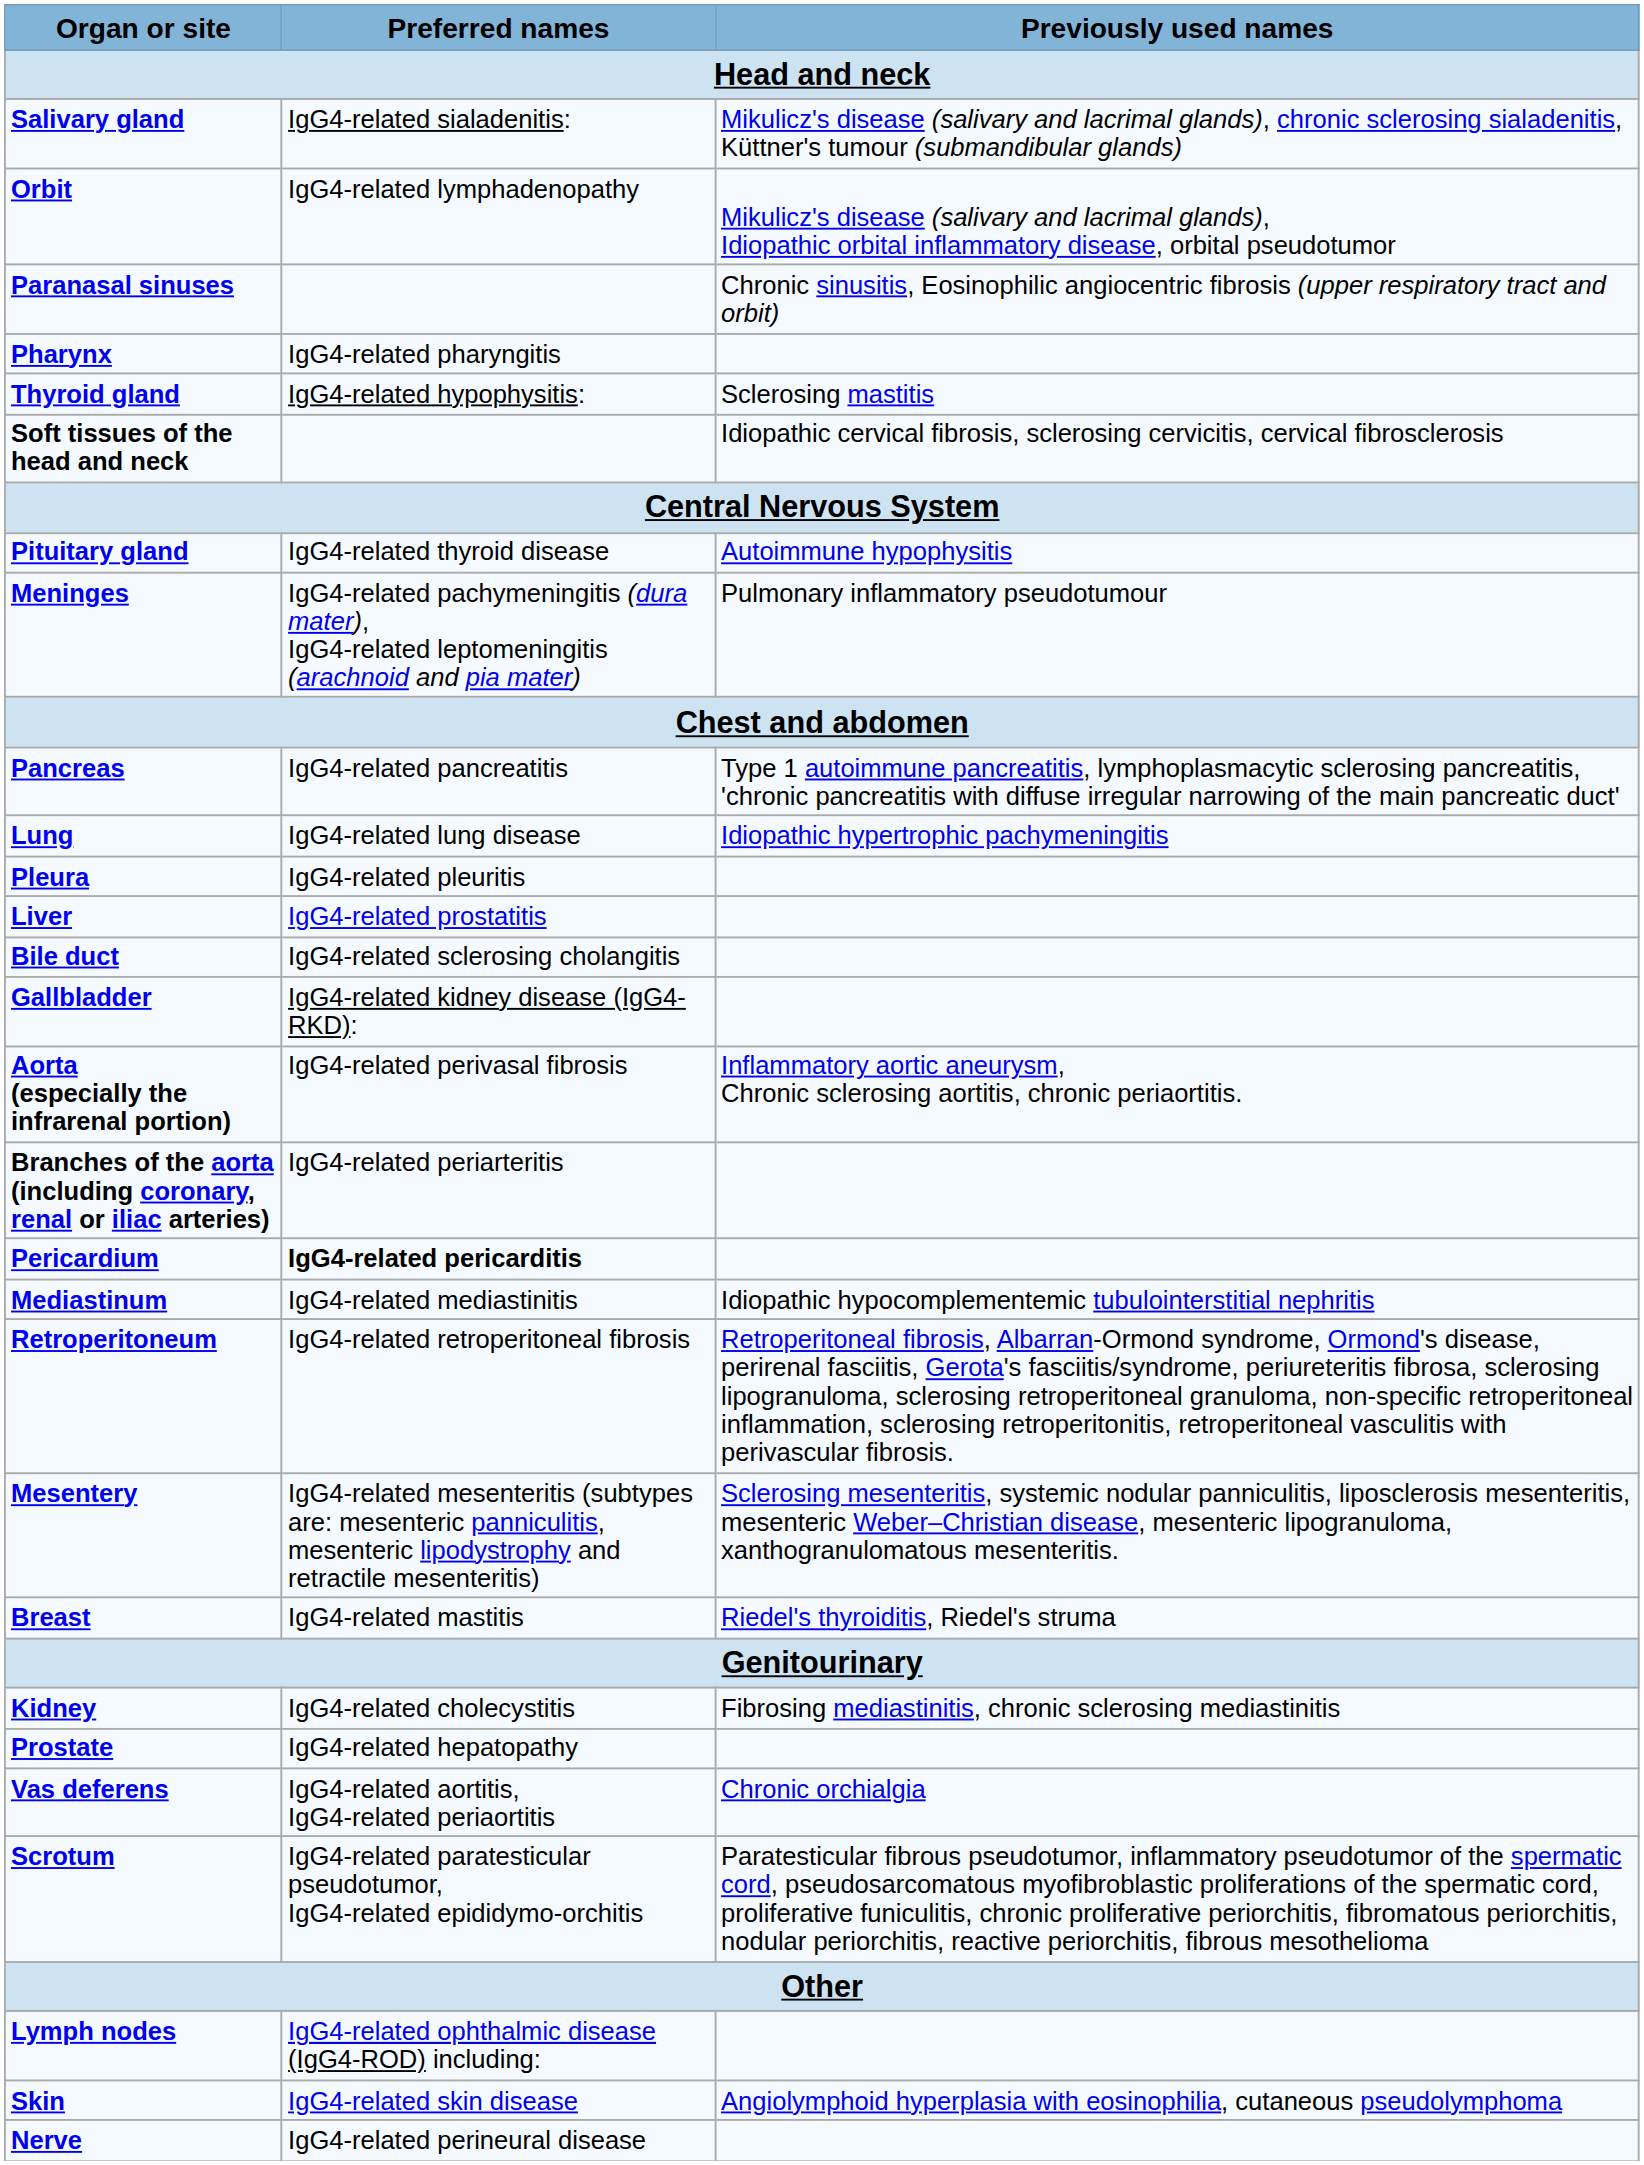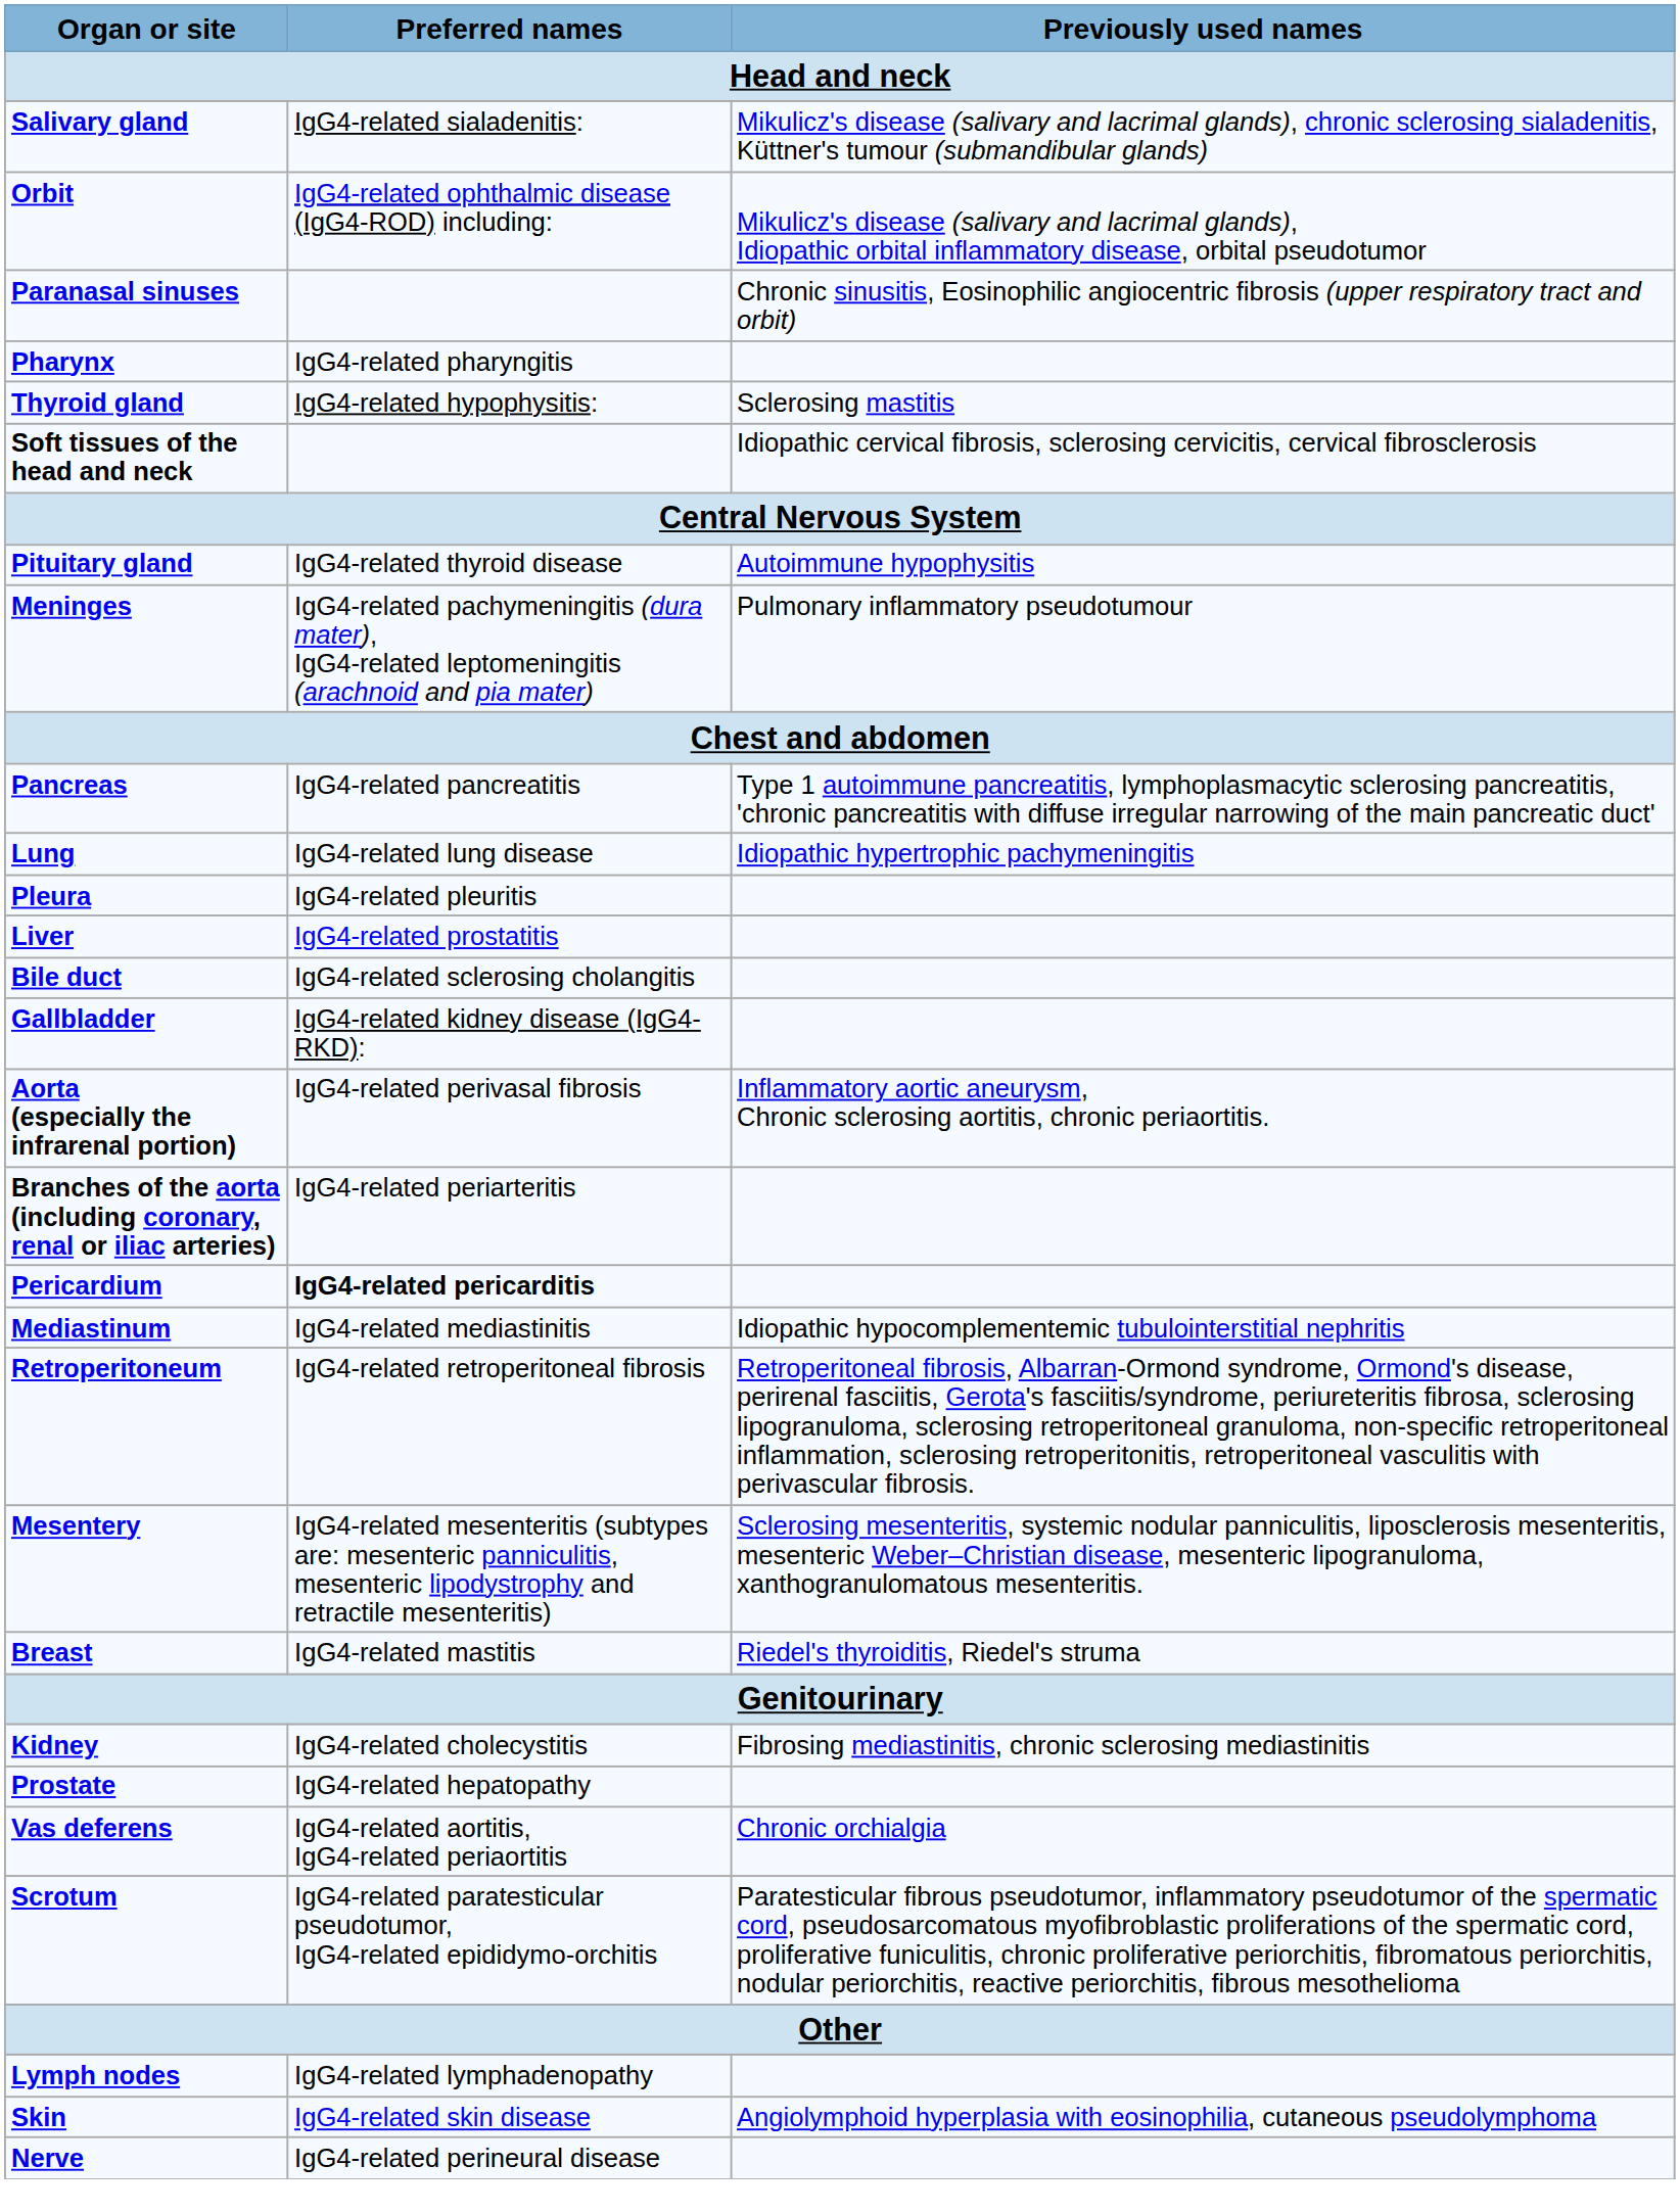 <table class="wikitable collapsible" style="text-align: left; font-size:85%; background:#F4FAFF; padding: 2px;">
 <tr>
 <th style="font-size: 110%; background: #82B4D8; border-color: #729FBF;">Organ or site</th>
 <th style="font-size: 110%; background: #82B4D8; border-color: #729FBF;">Preferred names</th>
 <th style="font-size: 110%; background: #82B4D8; border-color: #729FBF;">Previously used names<br></th>
 </tr>
 <tr>
 <th style="font-size: 120%; text-decoration: underline; background:#CDE3F2;" colspan="3">Head and neck</th>
 </tr>
 <tr valign="top">
 <td style="font-weight: bold;"><a href='#'>Salivary gland</a></td>
 <td><u>IgG4-related sialadenitis</u>:<br></td>
 <td><a href='#'>Mikulicz's disease</a> <em>(salivary and lacrimal glands)</em>, <a href='#'>chronic sclerosing sialadenitis</a>, <br>Küttner's tumour <em>(submandibular glands)</em></td>
 </tr>
 <tr valign="top" border="0">
 <td style="font-weight: bold;"><a href='#'>Orbit</a></td>
-<td>IgG4-related lymphadenopathy</td>
+<td><u><a href='#'>IgG4-related ophthalmic disease</a> (IgG4-ROD)</u> including:<br></td>
 <td><br><a href='#'>Mikulicz's disease</a> <em>(salivary and lacrimal glands)</em>, <br><a href='#'>Idiopathic orbital inflammatory disease</a>, orbital pseudotumor</td>
 </tr>
 <tr valign="top">
 <td style="font-weight: bold;"><a href='#'>Paranasal sinuses</a></td>
 <td> </td>
 <td>Chronic <a href='#'>sinusitis</a>, Eosinophilic angiocentric fibrosis <em>(upper respiratory tract and orbit)</em></td>
 </tr>
 <tr valign="top">
 <td style="font-weight: bold;"><a href='#'>Pharynx</a></td>
 <td>IgG4-related pharyngitis</td>
 <td> </td>
 </tr>
 <tr valign="top">
 <td style="font-weight: bold;"><a href='#'>Thyroid gland</a></td>
 <td><u>IgG4-related hypophysitis</u>:<br></td>
 <td>Sclerosing <a href='#'>mastitis</a><br></td>
 </tr>
 <tr valign="top">
 <td style="font-weight: bold;">Soft tissues of the head and neck</td>
 <td> </td>
 <td>Idiopathic cervical fibrosis, sclerosing cervicitis, cervical fibrosclerosis<br></td>
 </tr>
 <tr>
 <th style="font-size: 120%; text-decoration: underline; background:#CDE3F2;" colspan="3">Central Nervous System</th>
 </tr>
 <tr valign="top">
 <td style="font-weight: bold;"><a href='#'>Pituitary gland</a></td>
 <td>IgG4-related thyroid disease</td>
 <td><a href='#'>Autoimmune hypophysitis</a></td>
 </tr>
 <tr valign="top">
 <td style="font-weight: bold;"><a href='#'>Meninges</a></td>
 <td>IgG4-related pachymeningitis <em>(<a href='#'>dura mater</a>)</em>,<br>IgG4-related leptomeningitis <em>(<a href='#'>arachnoid</a> and <a href='#'>pia mater</a>)</em></td>
 <td>Pulmonary inflammatory pseudotumour</td>
 </tr>
 <tr>
 <th style="font-size: 120%; text-decoration: underline; background:#CDE3F2;" colspan="3">Chest and abdomen</th>
 </tr>
 <tr valign="top">
 <td style="font-weight: bold;"><a href='#'>Pancreas</a></td>
 <td>IgG4-related pancreatitis</td>
 <td>Type 1 <a href='#'>autoimmune pancreatitis</a>, lymphoplasmacytic sclerosing pancreatitis, 'chronic pancreatitis with diffuse irregular narrowing of the main pancreatic duct'</td>
 </tr>
 <tr valign="top">
 <td style="font-weight: bold;"><a href='#'>Lung</a></td>
 <td>IgG4-related lung disease</td>
 <td><a href='#'>Idiopathic hypertrophic pachymeningitis</a><br></td>
 </tr>
 <tr valign="top">
 <td style="font-weight: bold;"><a href='#'>Pleura</a></td>
 <td>IgG4-related pleuritis</td>
 <td> </td>
 </tr>
 <tr valign="top">
 <td style="font-weight: bold;"><a href='#'>Liver</a></td>
 <td><a href='#'>IgG4-related prostatitis</a></td>
 <td> </td>
 </tr>
 <tr valign="top">
 <td style="font-weight: bold;"><a href='#'>Bile duct</a></td>
 <td>IgG4-related sclerosing cholangitis</td>
 <td> </td>
 </tr>
 <tr valign="top">
 <td style="font-weight: bold;"><a href='#'>Gallbladder</a></td>
 <td><u>IgG4-related kidney disease (IgG4-RKD)</u>:<br></td>
 <td> </td>
 </tr>
 <tr valign="top">
 <td style="font-weight: bold;"><a href='#'>Aorta</a><br><span>(especially the infrarenal portion)</span></td>
 <td>IgG4-related perivasal fibrosis</td>
 <td><a href='#'>Inflammatory aortic aneurysm</a>,<br>Chronic sclerosing aortitis, chronic periaortitis.</td>
 </tr>
 <tr valign="top">
 <td style="font-weight: bold;">Branches of the <a href='#'>aorta</a><br><span>(including <a href='#'>coronary</a>, <a href='#'>renal</a> or <a href='#'>iliac</a> arteries)</span></td>
 <td>IgG4-related periarteritis</td>
 <td> </td>
 </tr>
 <tr valign="top">
 <td style="font-weight: bold;"><a href='#'>Pericardium</a></td>
 <td><strong>IgG4-related pericarditis</strong></td>
 <td> </td>
 </tr>
 <tr valign="top">
 <td style="font-weight: bold;"><a href='#'>Mediastinum</a></td>
 <td>IgG4-related mediastinitis</td>
 <td>Idiopathic hypocomplementemic <a href='#'>tubulointerstitial nephritis</a></td>
 </tr>
 <tr valign="top">
 <td style="font-weight: bold;"><a href='#'>Retroperitoneum</a></td>
 <td>IgG4-related retroperitoneal fibrosis</td>
 <td><a href='#'>Retroperitoneal fibrosis</a>, <a href='#'>Albarran</a>-Ormond syndrome, <a href='#'>Ormond</a>'s disease, perirenal fasciitis, <a href='#'>Gerota</a>'s fasciitis/syndrome, periureteritis fibrosa, sclerosing lipogranuloma, sclerosing retroperitoneal granuloma, non-specific retroperitoneal inflammation, sclerosing retroperitonitis, retroperitoneal vasculitis with perivascular fibrosis.</td>
 </tr>
 <tr valign="top">
 <td style="font-weight: bold;"><a href='#'>Mesentery</a></td>
 <td>IgG4-related mesenteritis (subtypes are: mesenteric <a href='#'>panniculitis</a>, mesenteric <a href='#'>lipodystrophy</a> and retractile mesenteritis)</td>
 <td><a href='#'>Sclerosing mesenteritis</a>, systemic nodular panniculitis, liposclerosis mesenteritis, mesenteric <a href='#'>Weber–Christian disease</a>, mesenteric lipogranuloma, xanthogranulomatous mesenteritis.</td>
 </tr>
 <tr valign="top">
 <td style="font-weight: bold;"><a href='#'>Breast</a></td>
 <td>IgG4-related mastitis</td>
 <td><a href='#'>Riedel's thyroiditis</a>, Riedel's struma</td>
 </tr>
 <tr>
 <th style="font-size: 120%; text-decoration: underline; background:#CDE3F2;" colspan="3">Genitourinary</th>
 </tr>
 <tr valign="top">
 <td style="font-weight: bold;"><a href='#'>Kidney</a></td>
 <td>IgG4-related cholecystitis</td>
 <td>Fibrosing <a href='#'>mediastinitis</a>, chronic sclerosing mediastinitis</td>
 </tr>
 <tr valign="top">
 <td style="font-weight: bold;"><a href='#'>Prostate</a></td>
 <td>IgG4-related hepatopathy</td>
 <td> </td>
 </tr>
 <tr valign="top">
 <td style="font-weight: bold;"><a href='#'>Vas deferens</a></td>
 <td>IgG4-related aortitis,<br>IgG4-related periaortitis</td>
 <td><a href='#'>Chronic orchialgia</a></td>
 </tr>
 <tr valign="top">
 <td style="font-weight: bold;"><a href='#'>Scrotum</a></td>
 <td>IgG4-related paratesticular pseudotumor,<br>IgG4-related epididymo-orchitis</td>
 <td>Paratesticular fibrous pseudotumor, inflammatory pseudotumor of the <a href='#'>spermatic cord</a>, pseudosarcomatous myofibroblastic proliferations of the spermatic cord, proliferative funiculitis, chronic proliferative periorchitis, fibromatous periorchitis, nodular periorchitis, reactive periorchitis, fibrous mesothelioma<br></td>
 </tr>
 <tr>
 <th style="font-size: 120%; text-decoration: underline; background:#CDE3F2;" colspan="3">Other</th>
 </tr>
 <tr valign="top">
 <td style="font-weight: bold;"><a href='#'>Lymph nodes</a></td>
-<td><u><a href='#'>IgG4-related ophthalmic disease</a> (IgG4-ROD)</u> including:<br></td>
+<td>IgG4-related lymphadenopathy</td>
 <td> </td>
 </tr>
 <tr valign="top">
 <td style="font-weight: bold;"><a href='#'>Skin</a></td>
 <td><a href='#'>IgG4-related skin disease</a></td>
 <td><a href='#'>Angiolymphoid hyperplasia with eosinophilia</a>, cutaneous <a href='#'>pseudolymphoma</a></td>
 </tr>
 <tr valign="top">
 <td style="font-weight: bold;"><a href='#'>Nerve</a></td>
 <td>IgG4-related perineural disease</td>
 <td> </td>
 </tr>
 </table>
